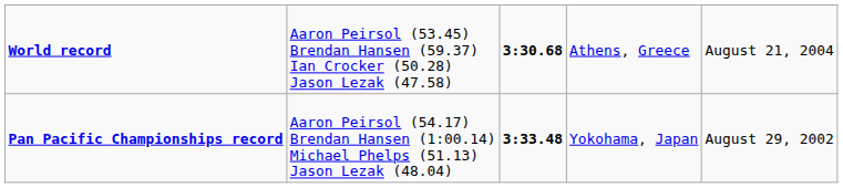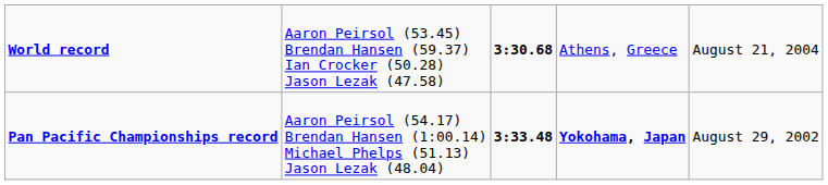 <table class="wikitable">
 <tr>
 <td><strong><a href='#'>World record</a></strong></td>
 <td><br><a href='#'>Aaron Peirsol</a> (53.45)<br><a href='#'>Brendan Hansen</a> (59.37)<br><a href='#'>Ian Crocker</a> (50.28)<br><a href='#'>Jason Lezak</a> (47.58)</td>
 <td><strong>3:30.68</strong></td>
 <td><a href='#'>Athens</a>, <a href='#'>Greece</a></td>
 <td>August 21, 2004</td>
 </tr>
 <tr>
 <td><strong><a href='#'>Pan Pacific Championships record</a></strong></td>
 <td><br><a href='#'>Aaron Peirsol</a> (54.17)<br><a href='#'>Brendan Hansen</a> (1:00.14)<br><a href='#'>Michael Phelps</a> (51.13)<br><a href='#'>Jason Lezak</a> (48.04)</td>
 <td><strong>3:33.48</strong></td>
-<td><a href='#'>Yokohama</a>, <a href='#'>Japan</a></td>
+<td><strong><a href='#'>Yokohama</a>, <a href='#'>Japan</a></strong></td>
 <td>August 29, 2002</td>
 </tr>
 </table>
